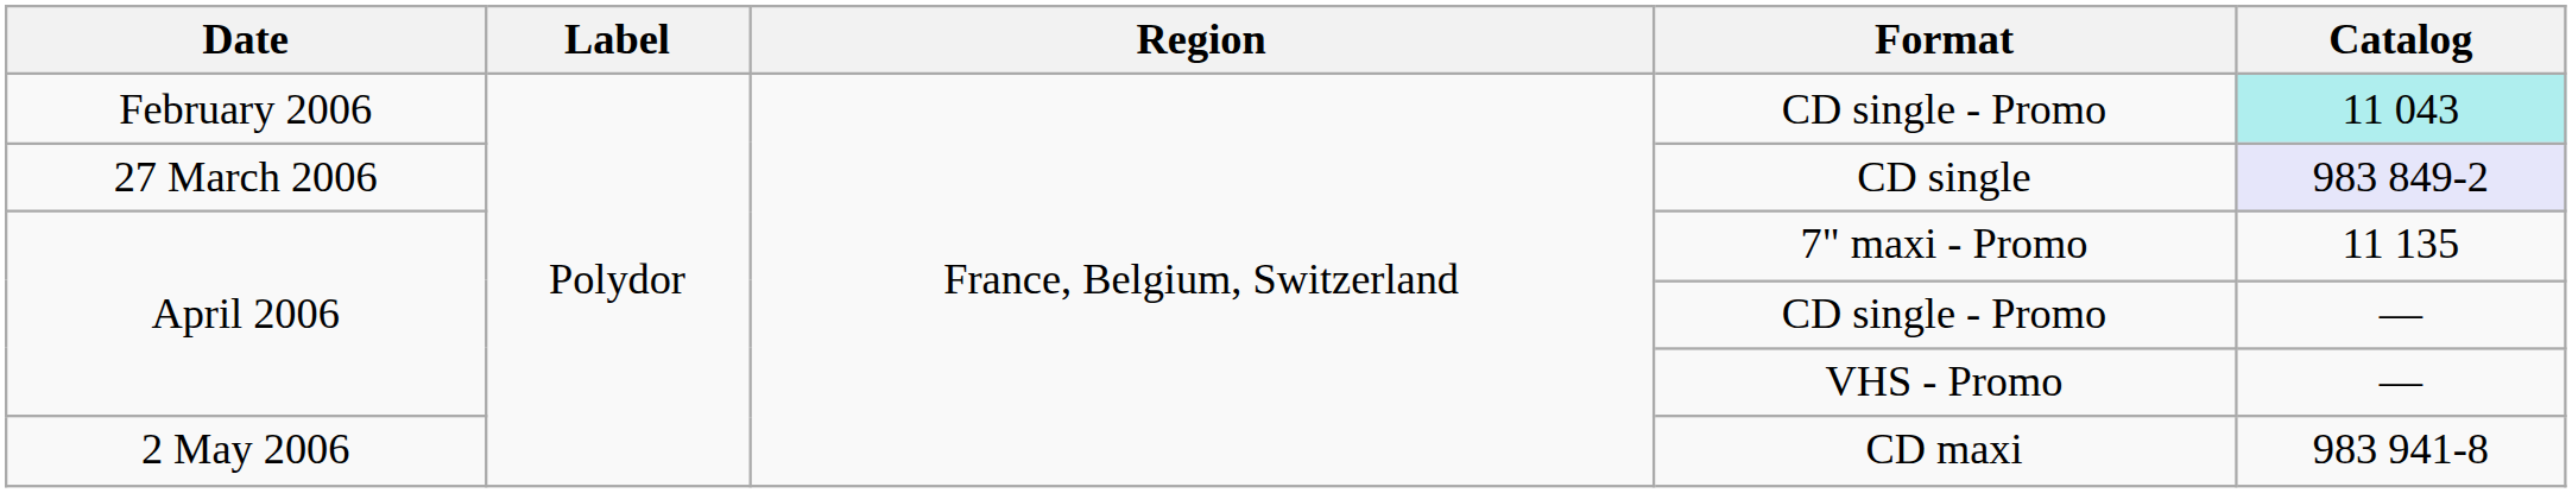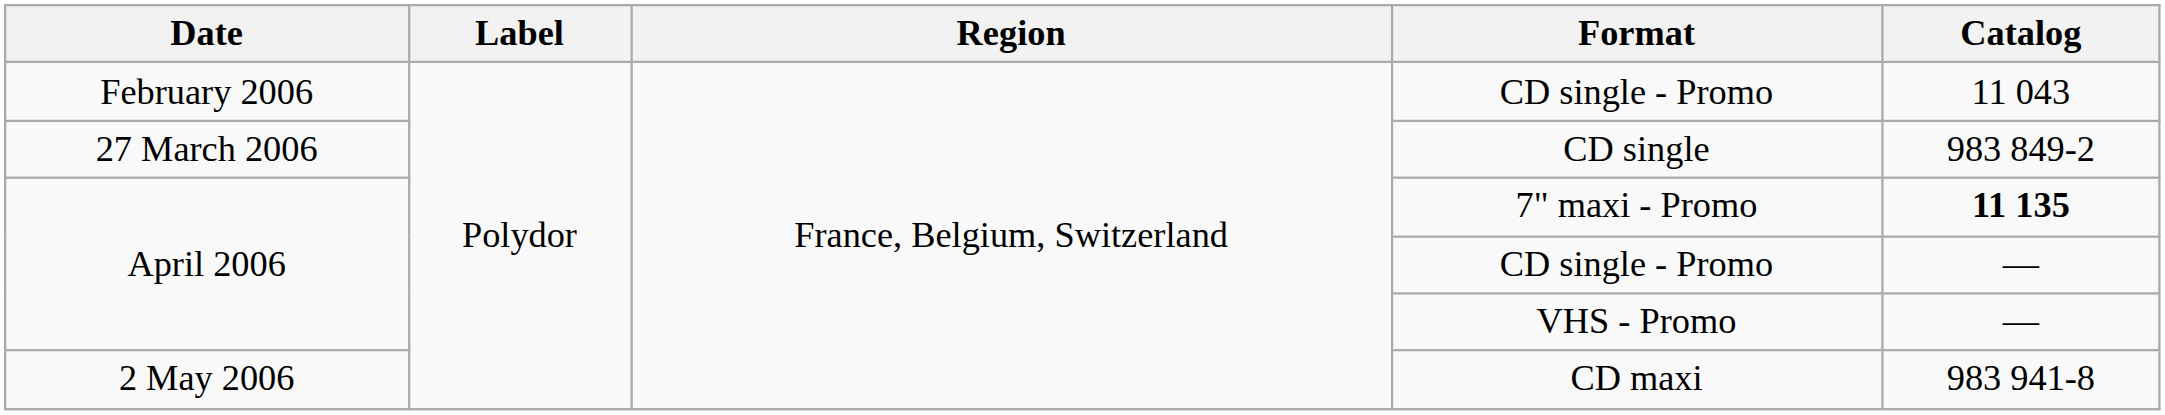 <table class="wikitable" style="width:60%;">
 <tr>
 <th>Date</th>
 <th>Label</th>
 <th>Region</th>
 <th>Format</th>
 <th>Catalog</th>
 </tr>
 <tr>
 <td align=center>February 2006</td>
 <td rowspan="6" style="text-align:center;">Polydor</td>
 <td rowspan="6" style="text-align:center;">France, Belgium, Switzerland</td>
 <td align=center>CD single - Promo</td>
-<td align=center style="background: paleturquoise;">11 043</td>
+<td align=center>11 043</td>
 </tr>
 <tr>
 <td align=center>27 March 2006</td>
 <td align=center>CD single</td>
-<td align=center style="background: lavender;">983 849-2</td>
+<td align=center>983 849-2</td>
 </tr>
 <tr>
 <td rowspan="3" style="text-align:center;">April 2006</td>
 <td align=center>7" maxi - Promo</td>
-<td align=center>11 135</td>
+<td align=center><strong>11 135</strong></td>
 </tr>
 <tr>
 <td align=center>CD single - Promo</td>
 <td align=center>—</td>
 </tr>
 <tr>
 <td align=center>VHS - Promo</td>
 <td align=center>—</td>
 </tr>
 <tr>
 <td align=center>2 May 2006</td>
 <td align=center>CD maxi</td>
 <td align=center>983 941-8</td>
 </tr>
 </table>
